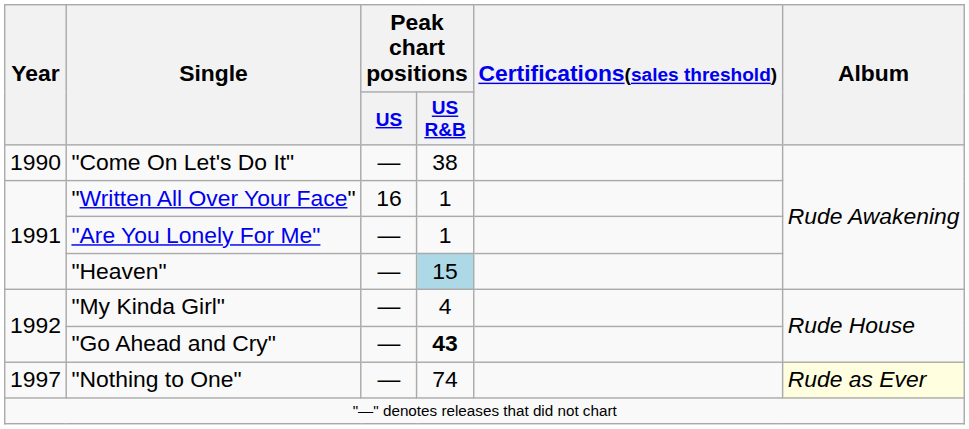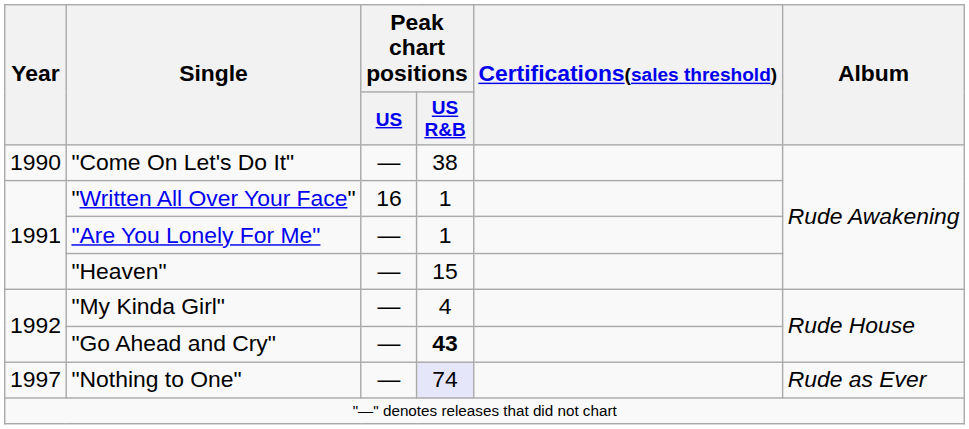 <table class="wikitable" style="text-align:center;">
 <tr>
 <th rowspan="2">Year</th>
 <th rowspan="2">Single</th>
 <th colspan="2">Peak chart positions</th>
 <th rowspan="2"><a href='#'>Certifications</a><small>(<a href='#'>sales threshold</a>)</small></th>
 <th rowspan="2">Album</th>
 </tr>
 <tr style="font-size:smaller;">
 <th width="30"><a href='#'>US</a></th>
 <th width="30"><a href='#'>US R&B</a></th>
 </tr>
 <tr>
 <td>1990</td>
 <td align="left">"Come On Let's Do It"</td>
 <td>—</td>
 <td>38</td>
 <td align="left"></td>
 <td rowspan="4" align="left"><em>Rude Awakening</em></td>
 </tr>
 <tr>
 <td rowspan="3">1991</td>
 <td align="left">"<a href='#'>Written All Over Your Face</a>"</td>
 <td>16</td>
 <td>1</td>
 <td></td>
 </tr>
 <tr>
 <td align="left"><a href='#'>"Are You Lonely For Me"</a></td>
 <td>—</td>
 <td>1</td>
 <td></td>
 </tr>
 <tr>
 <td align="left">"Heaven"</td>
 <td>—</td>
-<td style="background: lightblue;">15</td>
+<td>15</td>
 <td></td>
 </tr>
 <tr>
 <td rowspan="2">1992</td>
 <td align="left">"My Kinda Girl"</td>
 <td>—</td>
 <td>4</td>
 <td></td>
 <td rowspan="2" align="left"><em>Rude House</em></td>
 </tr>
 <tr>
 <td align="left">"Go Ahead and Cry"</td>
 <td>—</td>
 <td><strong>43</strong></td>
 <td></td>
 </tr>
 <tr>
 <td>1997</td>
 <td align="left">"Nothing to One"</td>
 <td>—</td>
-<td>74</td>
+<td style="background: lavender;">74</td>
 <td></td>
-<td align="left" style="background: lightyellow;"><em>Rude as Ever</em></td>
+<td align="left"><em>Rude as Ever</em></td>
 </tr>
 <tr>
 <td colspan="6" style="font-size:8pt">"—" denotes releases that did not chart</td>
 </tr>
 </table>
